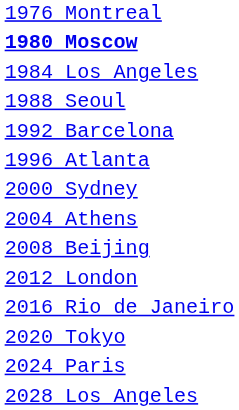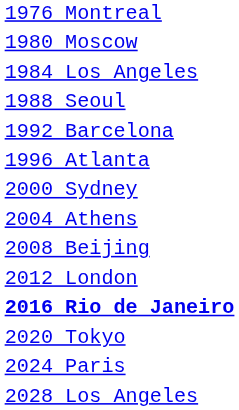 <table>
 <tr valign="top">
 <td><a href='#'>1976 Montreal</a><br></td>
 <td></td>
 <td></td>
 <td></td>
 </tr>
 <tr>
-<td><strong><a href='#'>1980 Moscow</a><br></strong></td>
+<td><a href='#'>1980 Moscow</a><br></td>
 <td></td>
 <td></td>
 <td></td>
 </tr>
 <tr>
 <td><a href='#'>1984 Los Angeles</a><br></td>
 <td></td>
 <td></td>
 <td></td>
 </tr>
 <tr>
 <td><a href='#'>1988 Seoul</a><br></td>
 <td></td>
 <td></td>
 <td></td>
 </tr>
 <tr>
 <td><a href='#'>1992 Barcelona</a><br></td>
 <td></td>
 <td></td>
 <td></td>
 </tr>
 <tr>
 <td><a href='#'>1996 Atlanta</a><br></td>
 <td></td>
 <td></td>
 <td></td>
 </tr>
 <tr>
 <td><a href='#'>2000 Sydney</a><br></td>
 <td></td>
 <td></td>
 <td></td>
 </tr>
 <tr valign="top">
 <td><a href='#'>2004 Athens</a><br></td>
 <td></td>
 <td></td>
 <td></td>
 </tr>
 <tr valign="top">
 <td><a href='#'>2008 Beijing</a><br></td>
 <td></td>
 <td></td>
 <td></td>
 </tr>
 <tr valign="top">
 <td><a href='#'>2012 London</a><br></td>
 <td></td>
 <td></td>
 <td></td>
 </tr>
 <tr valign="top">
-<td><a href='#'>2016 Rio de Janeiro</a><br></td>
+<td><strong><a href='#'>2016 Rio de Janeiro</a><br></strong></td>
 <td></td>
 <td></td>
 <td></td>
 </tr>
 <tr valign="top">
 <td><a href='#'>2020 Tokyo</a><br></td>
 <td></td>
 <td></td>
 <td></td>
 </tr>
 <tr>
 <td><a href='#'>2024 Paris</a><br></td>
 <td></td>
 <td></td>
 <td></td>
 </tr>
 <tr>
 <td><a href='#'>2028 Los Angeles</a><br></td>
 <td></td>
 <td></td>
 <td></td>
 </tr>
 <tr>
 </tr>
 </table>
